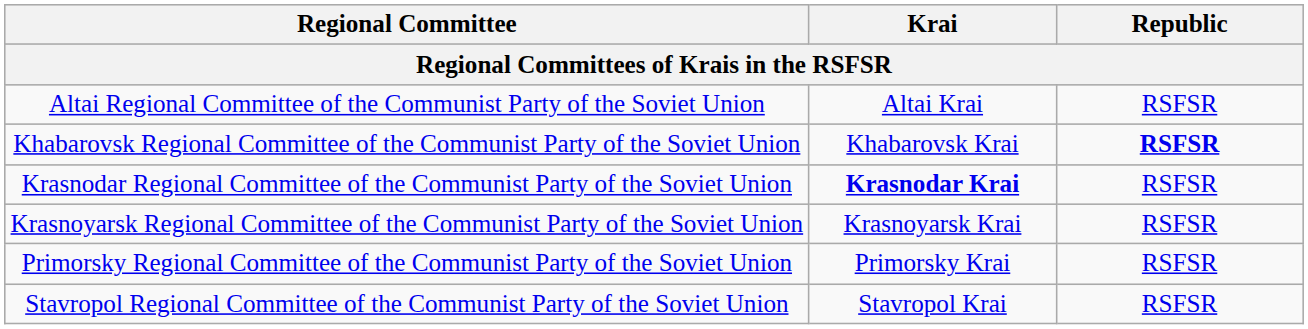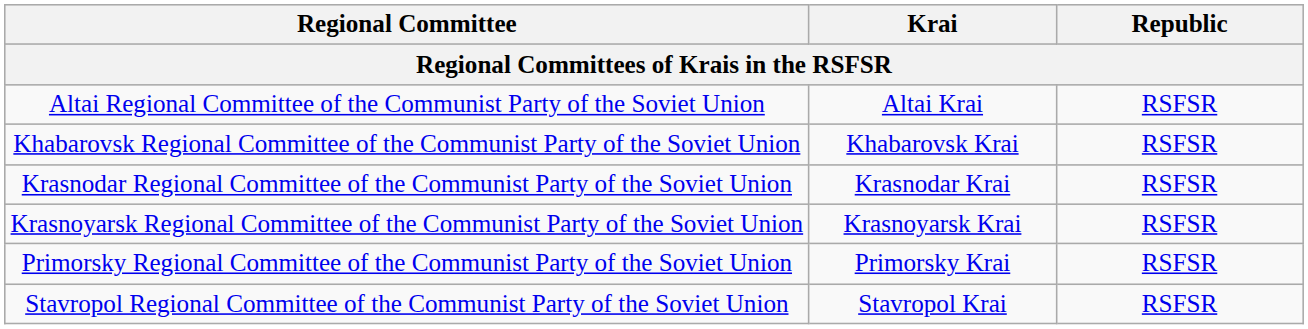 <table class="wikitable" style="text-align:center">
 <tr>
 <th>Regional Committee</th>
 <th width="150">Krai</th>
 <th width="150">Republic</th>
 </tr>
 <tr>
 <th colspan="3"><strong>Regional Committees of Krais in the RSFSR</strong></th>
 </tr>
 <tr>
 <td><a href='#'>Altai Regional Committee of the Communist Party of the Soviet Union</a></td>
 <td><a href='#'>Altai Krai</a></td>
 <td> <a href='#'>RSFSR</a></td>
 </tr>
 <tr>
 <td><a href='#'>Khabarovsk Regional Committee of the Communist Party of the Soviet Union</a></td>
 <td><a href='#'>Khabarovsk Krai</a></td>
-<td><strong> <a href='#'>RSFSR</a></strong></td>
+<td> <a href='#'>RSFSR</a></td>
 </tr>
 <tr>
 <td><a href='#'>Krasnodar Regional Committee of the Communist Party of the Soviet Union</a></td>
-<td><strong><a href='#'>Krasnodar Krai</a></strong></td>
+<td><a href='#'>Krasnodar Krai</a></td>
 <td> <a href='#'>RSFSR</a></td>
 </tr>
 <tr>
 <td><a href='#'>Krasnoyarsk Regional Committee of the Communist Party of the Soviet Union</a></td>
 <td><a href='#'>Krasnoyarsk Krai</a></td>
 <td> <a href='#'>RSFSR</a></td>
 </tr>
 <tr>
 <td><a href='#'>Primorsky Regional Committee of the Communist Party of the Soviet Union</a></td>
 <td><a href='#'>Primorsky Krai</a></td>
 <td> <a href='#'>RSFSR</a></td>
 </tr>
 <tr>
 <td><a href='#'>Stavropol Regional Committee of the Communist Party of the Soviet Union</a></td>
 <td><a href='#'>Stavropol Krai</a></td>
 <td> <a href='#'>RSFSR</a></td>
 </tr>
 </table>
